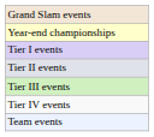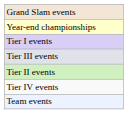 <table class=wikitable style=font-size:90%;width:15%>
 <tr bgcolor=#F3E6D7>
 <td>Grand Slam events</td>
 </tr>
 <tr bgcolor=#FFFFCC>
 <td>Year-end championships</td>
 </tr>
 <tr bgcolor=#d8cef6>
 <td>Tier I events</td>
 </tr>
 <tr bgcolor=#dfe2e9>
-<td>Tier II events</td>
+<td>Tier III events</td>
 </tr>
 <tr bgcolor=#d0f0c0>
-<td>Tier III events</td>
+<td>Tier II events</td>
 </tr>
 <tr>
 <td>Tier IV events</td>
 </tr>
 <tr bgcolor=#ECF2FF>
 <td>Team events</td>
 </tr>
 </table>
